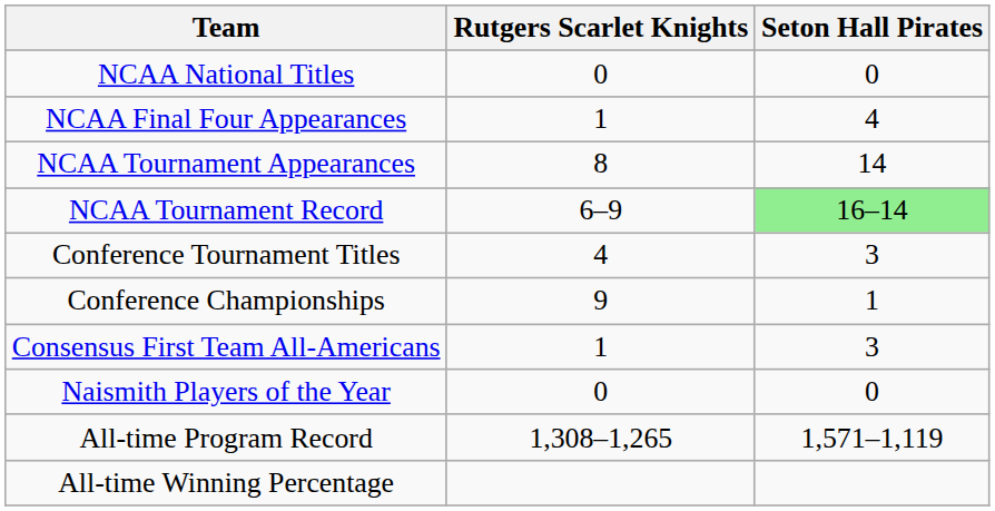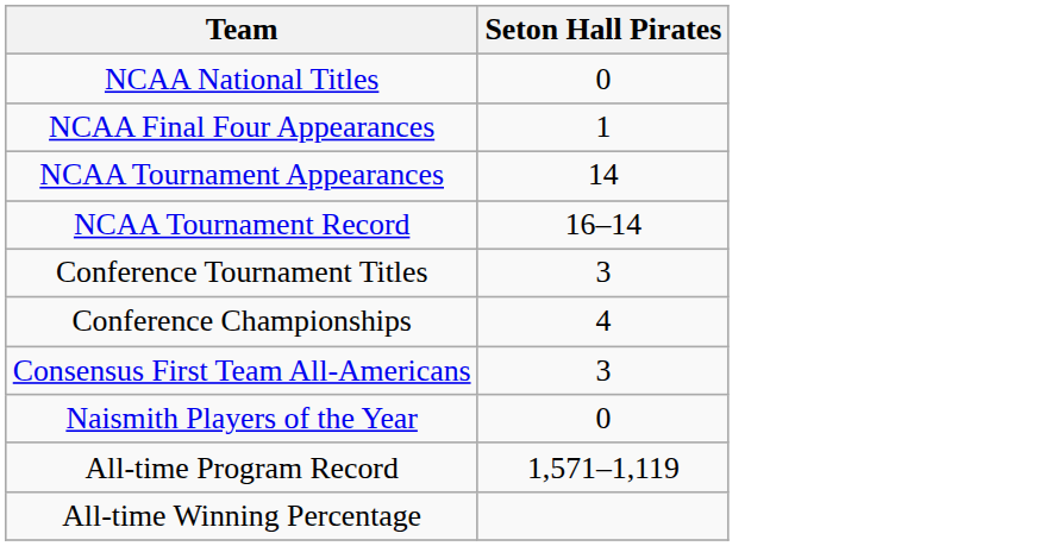 <table class="wikitable" style="text-align:center;">
 <tr>
 <th>Team</th>
-<th>Rutgers Scarlet Knights</th>
 <th>Seton Hall Pirates</th>
 </tr>
 <tr>
 <td><a href='#'>NCAA National Titles</a></td>
 <td>0</td>
-<td>0</td>
 </tr>
 <tr>
 <td><a href='#'>NCAA Final Four Appearances</a></td>
 <td>1</td>
-<td>4</td>
 </tr>
 <tr>
 <td><a href='#'>NCAA Tournament Appearances</a></td>
-<td>8</td>
 <td>14</td>
 </tr>
 <tr>
 <td><a href='#'>NCAA Tournament Record</a></td>
-<td>6–9</td>
-<td style="background: lightgreen;">16–14</td>
+<td>16–14</td>
 </tr>
 <tr>
 <td>Conference Tournament Titles</td>
-<td>4</td>
 <td>3</td>
 </tr>
 <tr>
 <td>Conference Championships</td>
-<td>9</td>
-<td>1</td>
+<td>4</td>
 </tr>
 <tr>
 <td><a href='#'>Consensus First Team All-Americans</a></td>
-<td>1</td>
 <td>3</td>
 </tr>
 <tr>
 <td><a href='#'>Naismith Players of the Year</a></td>
 <td>0</td>
-<td>0</td>
 </tr>
 <tr>
 <td>All-time Program Record</td>
-<td>1,308–1,265</td>
 <td>1,571–1,119</td>
 </tr>
 <tr>
 <td>All-time Winning Percentage</td>
 <td></td>
-<td></td>
 </tr>
 </table>
